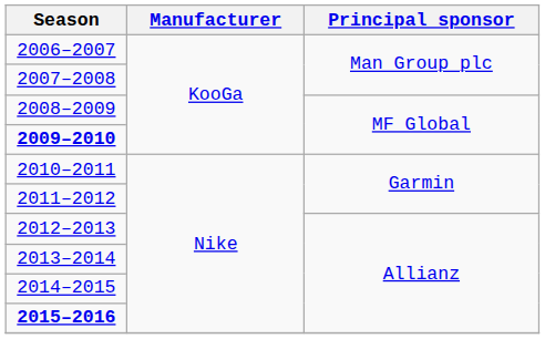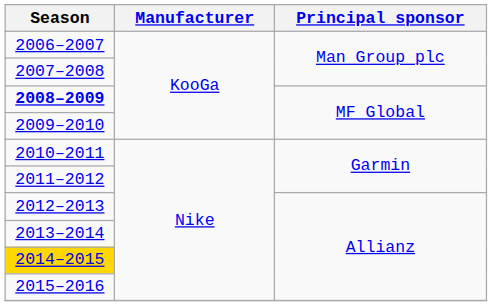 <table class="wikitable sticky-header" style="text-align:center;margin-left:1em;left">
 <tr>
 <th width=80>Season</th>
 <th width=120><a href='#'>Manufacturer</a></th>
 <th width=160><a href='#'>Principal sponsor</a></th>
 </tr>
 <tr>
 <td><a href='#'>2006–2007</a></td>
 <td rowspan="4"> <a href='#'>KooGa</a></td>
 <td rowspan="2"> <a href='#'>Man Group plc</a></td>
 </tr>
 <tr>
 <td><a href='#'>2007–2008</a></td>
 </tr>
 <tr>
-<td><a href='#'>2008–2009</a></td>
+<td><strong><a href='#'>2008–2009</a></strong></td>
 <td rowspan="2"> <a href='#'>MF Global</a></td>
 </tr>
 <tr>
-<td><strong><a href='#'>2009–2010</a></strong></td>
+<td><a href='#'>2009–2010</a></td>
 </tr>
 <tr>
 <td><a href='#'>2010–2011</a></td>
 <td rowspan="6"> <a href='#'>Nike</a></td>
 <td rowspan="2"> <a href='#'>Garmin</a></td>
 </tr>
 <tr>
 <td><a href='#'>2011–2012</a></td>
 </tr>
 <tr>
 <td><a href='#'>2012–2013</a></td>
 <td rowspan="4"> <a href='#'>Allianz</a></td>
 </tr>
 <tr>
 <td><a href='#'>2013–2014</a></td>
 </tr>
 <tr>
-<td><a href='#'>2014–2015</a></td>
+<td style="background: gold;"><a href='#'>2014–2015</a></td>
 </tr>
 <tr>
-<td><strong><a href='#'>2015–2016</a></strong></td>
+<td><a href='#'>2015–2016</a></td>
 </tr>
 <tr>
 </tr>
 </table>
